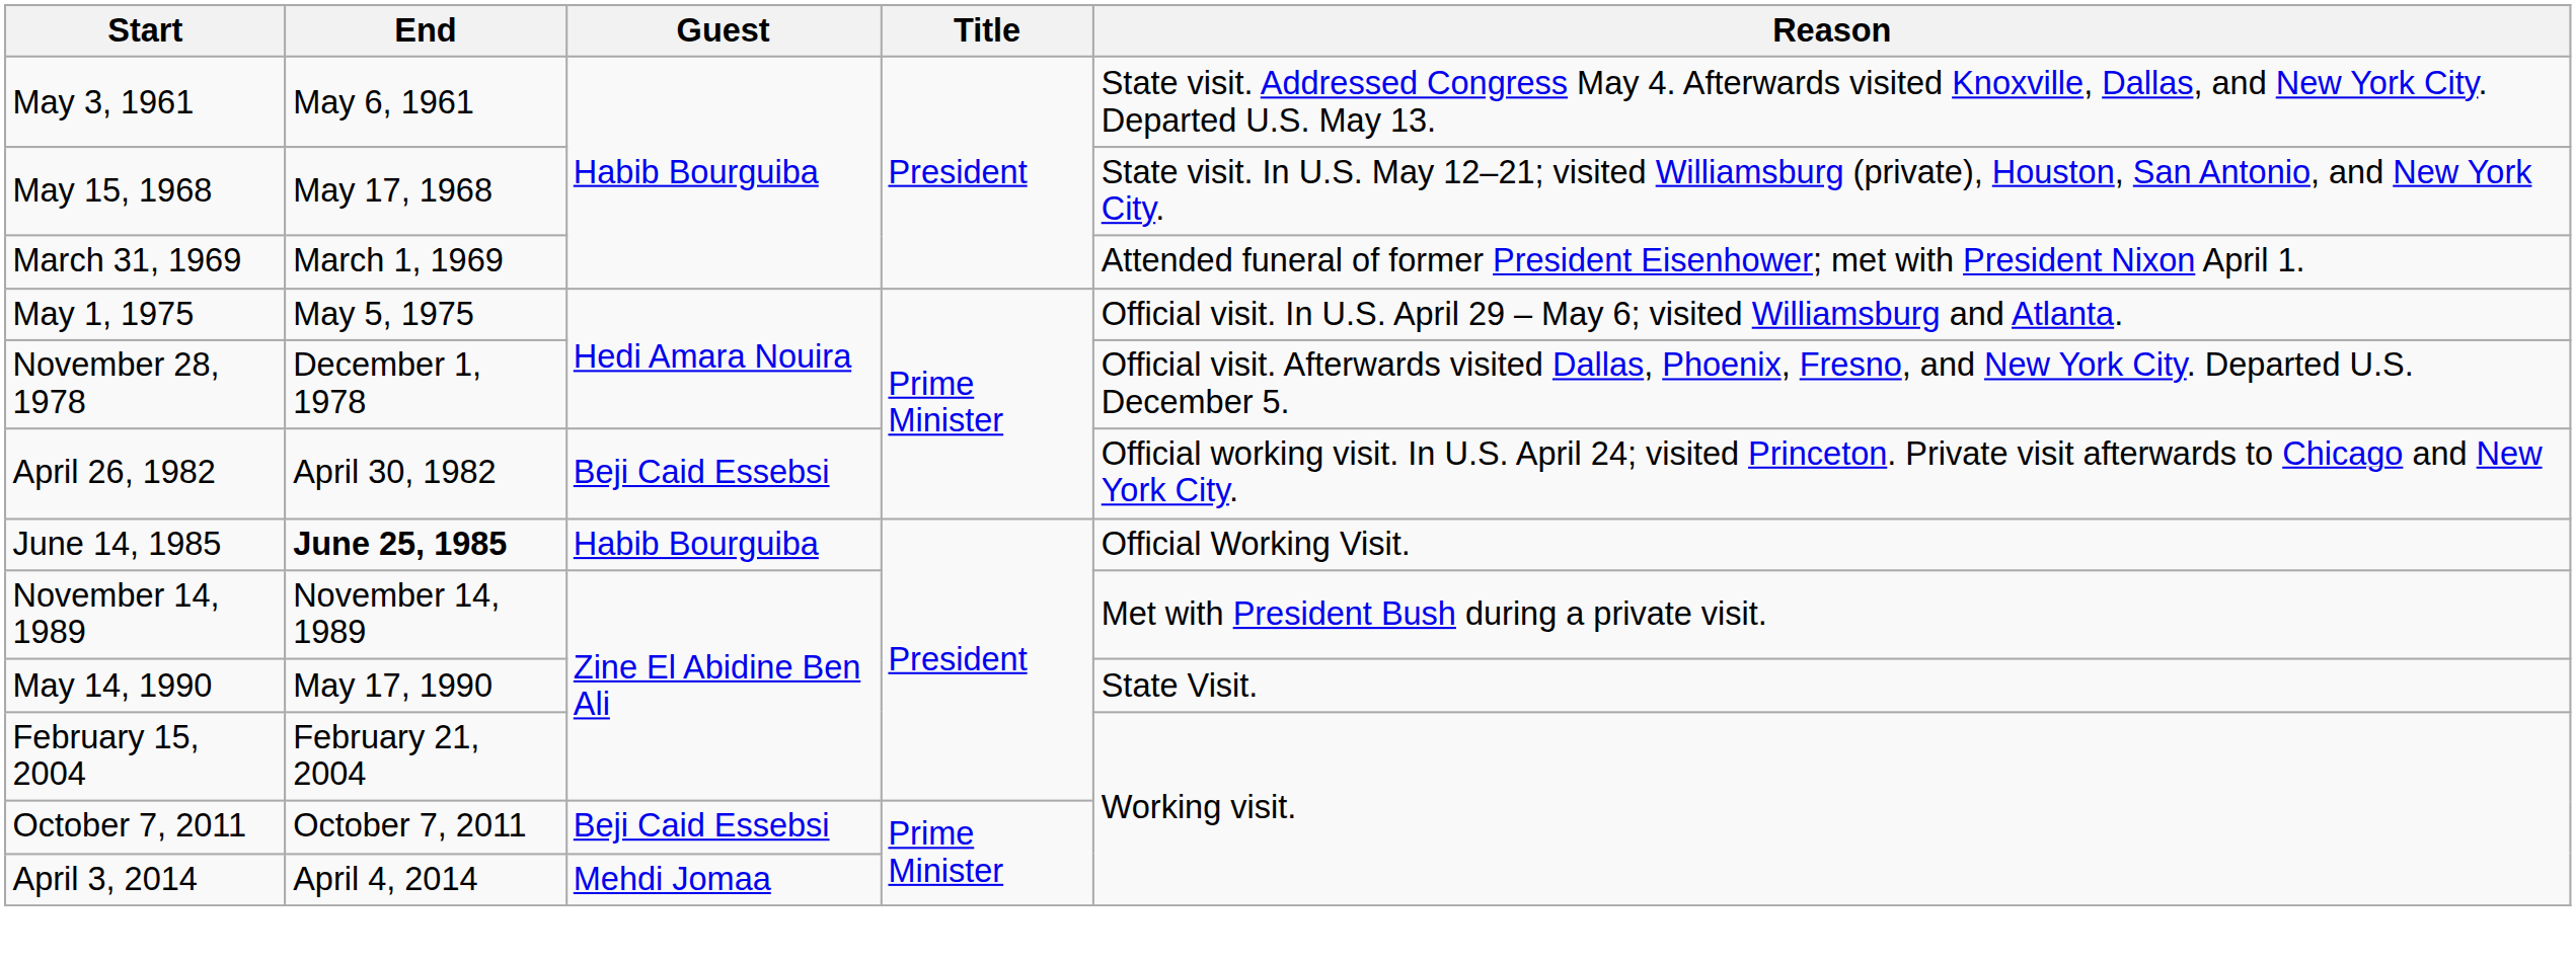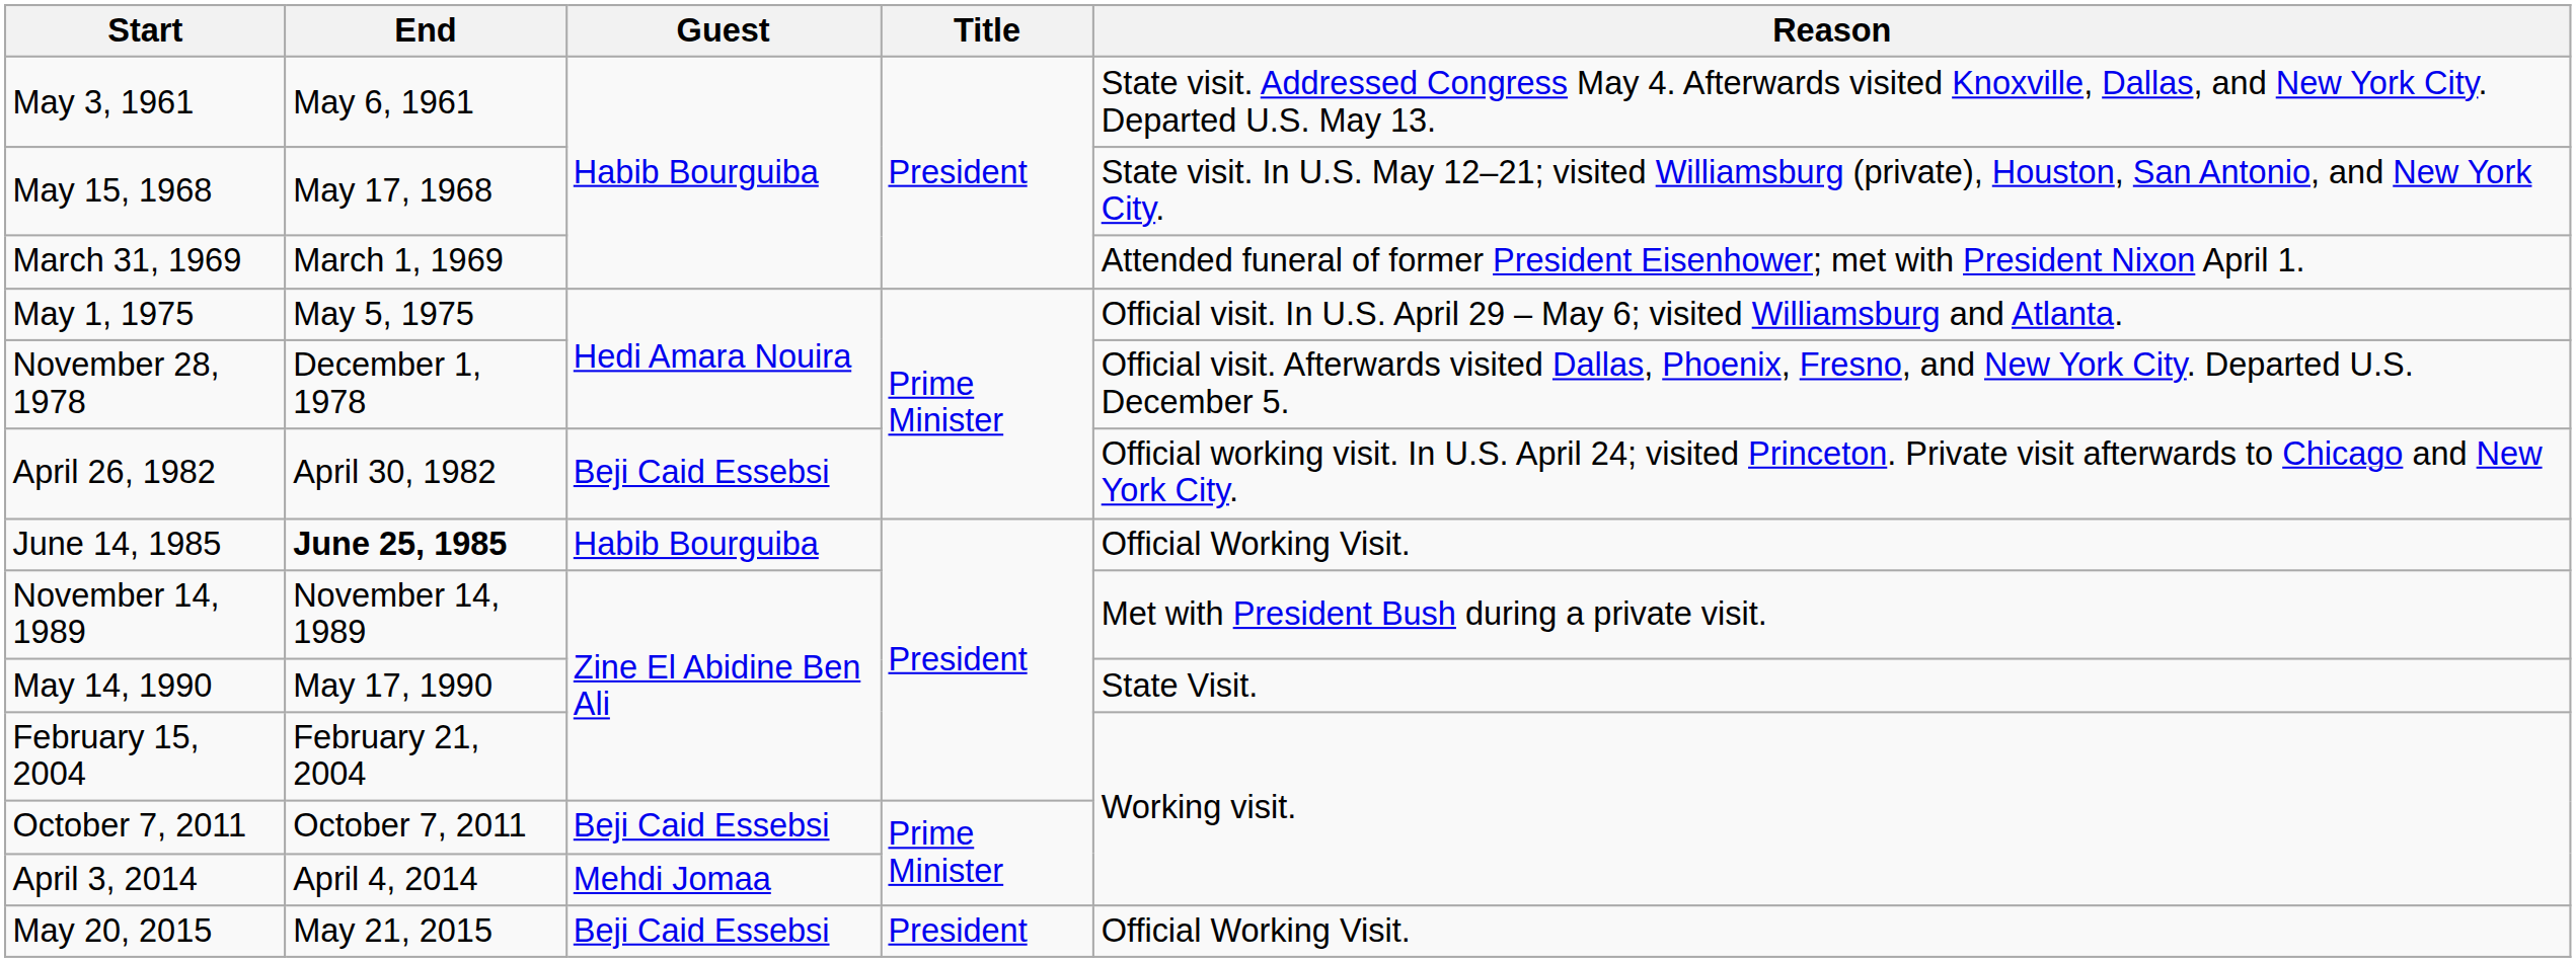 <table class="wikitable sortable">
 <tr>
 <th>Start</th>
 <th>End</th>
 <th>Guest</th>
 <th>Title</th>
 <th>Reason</th>
 </tr>
 <tr>
 <td>May 3, 1961</td>
 <td>May 6, 1961</td>
 <td rowspan=3><a href='#'>Habib Bourguiba</a></td>
 <td rowspan=3><a href='#'>President</a></td>
 <td>State visit. <a href='#'>Addressed Congress</a> May 4. Afterwards visited <a href='#'>Knoxville</a>, <a href='#'>Dallas</a>, and <a href='#'>New York City</a>. Departed U.S. May 13.</td>
 </tr>
 <tr>
 <td>May 15, 1968</td>
 <td>May 17, 1968</td>
 <td>State visit. In U.S. May 12–21; visited <a href='#'>Williamsburg</a> (private), <a href='#'>Houston</a>, <a href='#'>San Antonio</a>, and <a href='#'>New York City</a>.</td>
 </tr>
 <tr>
 <td>March 31, 1969</td>
 <td>March 1, 1969</td>
 <td>Attended funeral of former <a href='#'>President Eisenhower</a>; met with <a href='#'>President Nixon</a> April 1.</td>
 </tr>
 <tr>
 <td>May 1, 1975</td>
 <td>May 5, 1975</td>
 <td rowspan=2><a href='#'>Hedi Amara Nouira</a></td>
 <td rowspan=3><a href='#'>Prime Minister</a></td>
 <td>Official visit. In U.S. April 29 – May 6; visited <a href='#'>Williamsburg</a> and <a href='#'>Atlanta</a>.</td>
 </tr>
 <tr>
 <td>November 28, 1978</td>
 <td>December 1, 1978</td>
 <td>Official visit. Afterwards visited <a href='#'>Dallas</a>, <a href='#'>Phoenix</a>, <a href='#'>Fresno</a>, and <a href='#'>New York City</a>. Departed U.S. December 5.</td>
 </tr>
 <tr>
 <td>April 26, 1982</td>
 <td>April 30, 1982</td>
 <td><a href='#'>Beji Caid Essebsi</a></td>
 <td>Official working visit. In U.S. April 24; visited <a href='#'>Princeton</a>. Private visit afterwards to <a href='#'>Chicago</a> and <a href='#'>New York City</a>.</td>
 </tr>
 <tr>
 <td>June 14, 1985</td>
 <td><strong>June 25, 1985</strong></td>
 <td><a href='#'>Habib Bourguiba</a></td>
 <td rowspan=4><a href='#'>President</a></td>
 <td>Official Working Visit.</td>
 </tr>
 <tr>
 <td>November 14, 1989</td>
 <td>November 14, 1989</td>
 <td rowspan=3><a href='#'>Zine El Abidine Ben Ali</a></td>
 <td>Met with <a href='#'>President Bush</a> during a private visit.</td>
 </tr>
 <tr>
 <td>May 14, 1990</td>
 <td>May 17, 1990</td>
 <td>State Visit.</td>
 </tr>
 <tr>
 <td>February 15, 2004</td>
 <td>February 21, 2004</td>
 <td rowspan=3>Working visit.</td>
 </tr>
 <tr>
 <td>October 7, 2011</td>
 <td>October 7, 2011</td>
 <td><a href='#'>Beji Caid Essebsi</a></td>
 <td rowspan=2><a href='#'>Prime Minister</a></td>
 </tr>
 <tr>
 <td>April 3, 2014</td>
 <td>April 4, 2014</td>
 <td><a href='#'>Mehdi Jomaa</a></td>
 </tr>
+<tr>
+<td>May 20, 2015</td>
+<td>May 21, 2015</td>
+<td><a href='#'>Beji Caid Essebsi</a></td>
+<td><a href='#'>President</a></td>
+<td>Official Working Visit.</td>
+</tr>
 </table>
